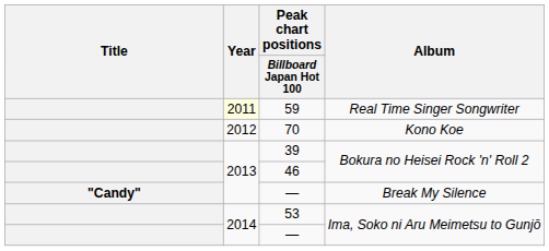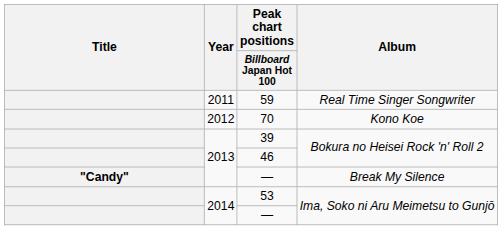 <table class="wikitable plainrowheaders" style="text-align:center;">
 <tr>
 <th scope="col" rowspan="2" style="width:16em;">Title</th>
 <th scope="col" rowspan="2">Year</th>
 <th scope="col" colspan="1">Peak chart positions</th>
 <th scope="col" rowspan="2">Album</th>
 </tr>
 <tr>
 <th style="width:3em;font-size:85%"><em>Billboard</em> Japan Hot 100<br></th>
 </tr>
 <tr>
 <th scope="row"></th>
-<td rowspan="1" style="background: lightyellow;">2011</td>
+<td rowspan="1">2011</td>
 <td>59</td>
 <td rowspan=1><em>Real Time Singer Songwriter</em></td>
 </tr>
 <tr>
 <th scope="row"></th>
 <td rowspan="1">2012</td>
 <td>70</td>
 <td rowspan=1><em>Kono Koe</em></td>
 </tr>
 <tr>
 <th scope="row"></th>
 <td rowspan="3">2013</td>
 <td>39</td>
 <td rowspan=2><em>Bokura no Heisei Rock 'n' Roll 2</em></td>
 </tr>
 <tr>
 <th scope="row"></th>
 <td>46</td>
 </tr>
 <tr>
 <th scope="row">"Candy"</th>
 <td>—</td>
 <td rowspan=1><em>Break My Silence</em></td>
 </tr>
 <tr>
 <th scope="row"></th>
 <td rowspan="2">2014</td>
 <td>53</td>
 <td rowspan=2><em>Ima, Soko ni Aru Meimetsu to Gunjō</em></td>
 </tr>
 <tr>
 <th scope="row"></th>
 <td>—</td>
 </tr>
 </table>
